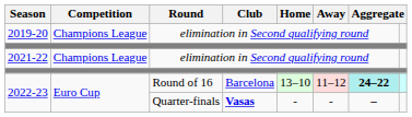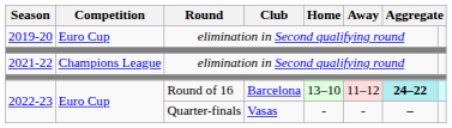 <table class="wikitable collapsible collapsed" align="center" style="text-align:left;">
 <tr>
 <th>Season</th>
 <th>Competition</th>
 <th>Round</th>
 <th>Club</th>
 <th>Home</th>
 <th>Away</th>
 <th colspan=2>Aggregate</th>
 </tr>
 <tr>
 <td rowspan=1><a href='#'>2019-20</a></td>
-<td rowspan=1><a href='#'>Champions League</a></td>
+<td rowspan=1><a href='#'>Euro Cup</a></td>
 <td colspan=5; align="center"><em>elimination in <a href='#'>Second qualifying round</a></em></td>
 <td align="center"></td>
 </tr>
 <tr>
 <td colspan=8 style="text-align: center;" bgcolor=grey></td>
 </tr>
 <tr>
 <td rowspan=1><a href='#'>2021-22</a></td>
 <td rowspan=1><a href='#'>Champions League</a></td>
 <td colspan=5; align="center"><em>elimination in <a href='#'>Second qualifying round</a></em></td>
 <td align="center"></td>
 </tr>
 <tr>
 <td colspan=8 style="text-align: center;" bgcolor=grey></td>
 </tr>
 <tr>
 <td rowspan=2><a href='#'>2022-23</a></td>
 <td rowspan=2><a href='#'>Euro Cup</a></td>
 <td>Round of 16</td>
 <td> <a href='#'>Barcelona</a></td>
 <td style="text-align:center; background:#dfd;">13–10</td>
 <td style="text-align:center; background:#fdd;">11–12</td>
 <td style="background: paleturquoise; text-align:center;"><strong>24–22</strong></td>
 <td style="background-color:#CFF" align="center"></td>
 </tr>
 <tr>
 <td>Quarter-finals</td>
-<td><strong> <a href='#'>Vasas</a></strong></td>
+<td> <a href='#'>Vasas</a></td>
 <td style="text-align:center; ">-</td>
 <td style="text-align:center; ">-</td>
 <td style="text-align:center;"><strong>–</strong></td>
 <td></td>
 </tr>
 </table>
